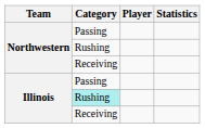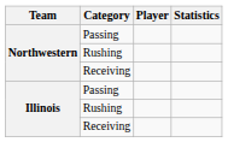 <table class="wikitable" style="float:right">
 <tr>
 <th>Team</th>
 <th>Category</th>
 <th>Player</th>
 <th>Statistics</th>
 </tr>
 <tr>
 <th rowspan=3>Northwestern</th>
 <td>Passing</td>
 <td></td>
 <td></td>
 </tr>
 <tr>
 <td>Rushing</td>
 <td></td>
 <td></td>
 </tr>
 <tr>
 <td>Receiving</td>
 <td></td>
 <td></td>
 </tr>
 <tr>
 <th rowspan=3>Illinois</th>
 <td>Passing</td>
 <td></td>
 <td></td>
 </tr>
 <tr>
-<td style="background: paleturquoise;">Rushing</td>
+<td>Rushing</td>
 <td></td>
 <td></td>
 </tr>
 <tr>
 <td>Receiving</td>
 <td></td>
 <td></td>
 </tr>
 </table>
